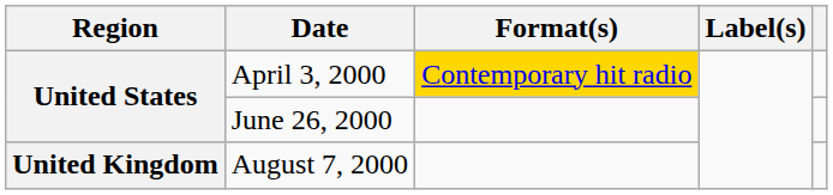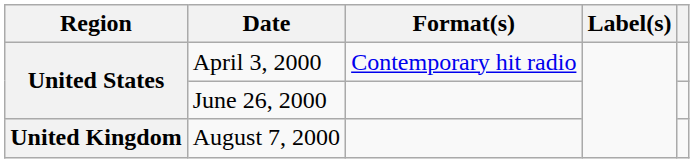 <table class="wikitable plainrowheaders">
 <tr>
 <th scope="col">Region</th>
 <th scope="col">Date</th>
 <th scope="col">Format(s)</th>
 <th scope="col">Label(s)</th>
 <th scope="col"></th>
 </tr>
 <tr>
 <th scope="row" rowspan="2">United States</th>
 <td>April 3, 2000</td>
-<td style="background: gold;"><a href='#'>Contemporary hit radio</a></td>
+<td><a href='#'>Contemporary hit radio</a></td>
 <td rowspan="3"></td>
 <td align="center"></td>
 </tr>
 <tr>
 <td>June 26, 2000</td>
 <td></td>
 <td align="center"></td>
 </tr>
 <tr>
 <th scope="row">United Kingdom</th>
 <td>August 7, 2000</td>
 <td></td>
 <td align="center"></td>
 </tr>
 </table>
